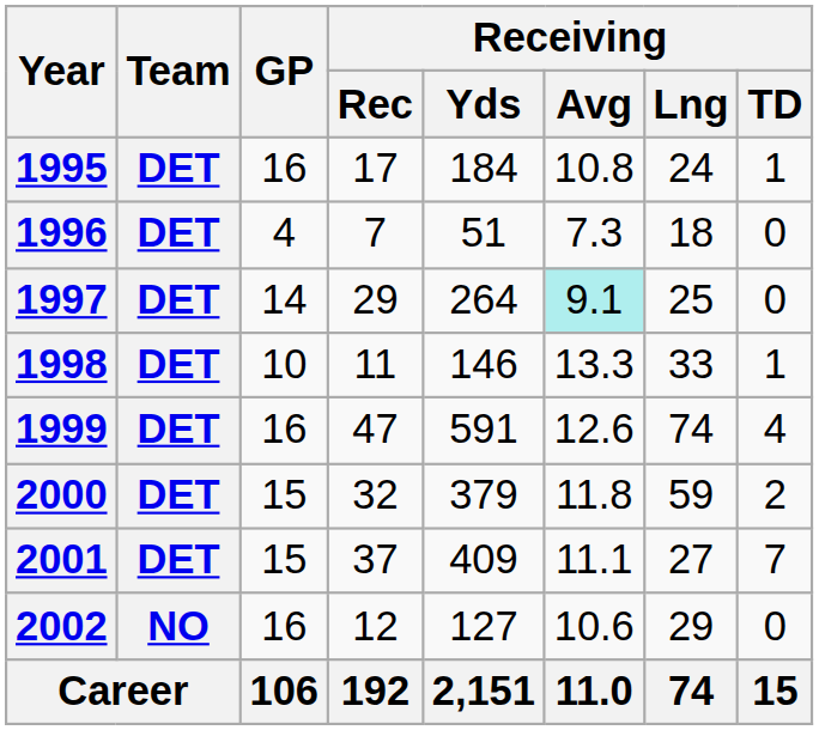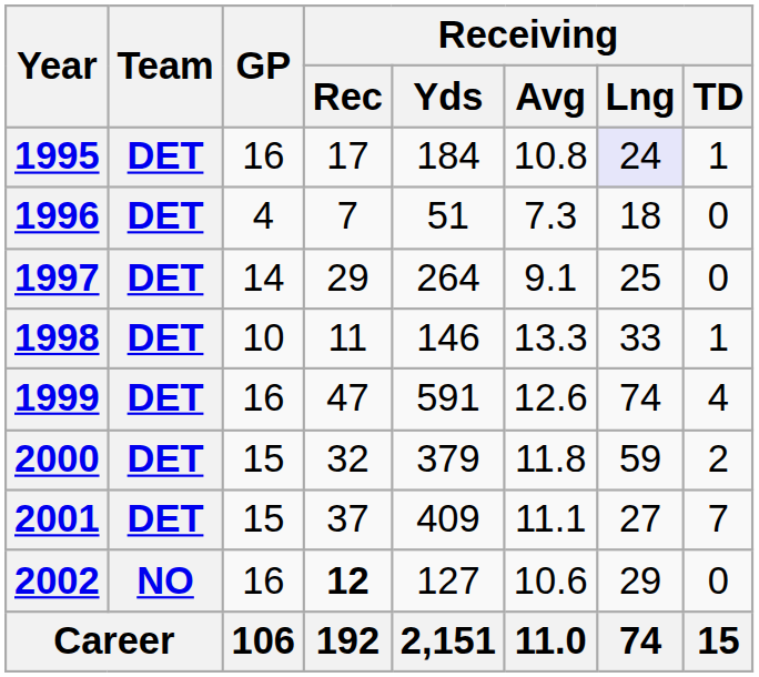 <table class="wikitable" style="text-align:center;">
 <tr>
 <th rowspan="2">Year</th>
 <th rowspan="2">Team</th>
 <th rowspan="2">GP</th>
 <th colspan="5">Receiving</th>
 </tr>
 <tr>
 <th>Rec</th>
 <th>Yds</th>
 <th>Avg</th>
 <th>Lng</th>
 <th>TD</th>
 </tr>
 <tr>
 <th><a href='#'>1995</a></th>
 <th><a href='#'>DET</a></th>
 <td>16</td>
 <td>17</td>
 <td>184</td>
 <td>10.8</td>
-<td>24</td>
+<td style="background: lavender;">24</td>
 <td>1</td>
 </tr>
 <tr>
 <th><a href='#'>1996</a></th>
 <th><a href='#'>DET</a></th>
 <td>4</td>
 <td>7</td>
 <td>51</td>
 <td>7.3</td>
 <td>18</td>
 <td>0</td>
 </tr>
 <tr>
 <th><a href='#'>1997</a></th>
 <th><a href='#'>DET</a></th>
 <td>14</td>
 <td>29</td>
 <td>264</td>
-<td style="background: paleturquoise;">9.1</td>
+<td>9.1</td>
 <td>25</td>
 <td>0</td>
 </tr>
 <tr>
 <th><a href='#'>1998</a></th>
 <th><a href='#'>DET</a></th>
 <td>10</td>
 <td>11</td>
 <td>146</td>
 <td>13.3</td>
 <td>33</td>
 <td>1</td>
 </tr>
 <tr>
 <th><a href='#'>1999</a></th>
 <th><a href='#'>DET</a></th>
 <td>16</td>
 <td>47</td>
 <td>591</td>
 <td>12.6</td>
 <td>74</td>
 <td>4</td>
 </tr>
 <tr>
 <th><a href='#'>2000</a></th>
 <th><a href='#'>DET</a></th>
 <td>15</td>
 <td>32</td>
 <td>379</td>
 <td>11.8</td>
 <td>59</td>
 <td>2</td>
 </tr>
 <tr>
 <th><a href='#'>2001</a></th>
 <th><a href='#'>DET</a></th>
 <td>15</td>
 <td>37</td>
 <td>409</td>
 <td>11.1</td>
 <td>27</td>
 <td>7</td>
 </tr>
 <tr>
 <th><a href='#'>2002</a></th>
 <th><a href='#'>NO</a></th>
 <td>16</td>
-<td>12</td>
+<td><strong>12</strong></td>
 <td>127</td>
 <td>10.6</td>
 <td>29</td>
 <td>0</td>
 </tr>
 <tr>
 <th colspan="2">Career</th>
 <th>106</th>
 <th>192</th>
 <th>2,151</th>
 <th>11.0</th>
 <th>74</th>
 <th>15</th>
 </tr>
 </table>
